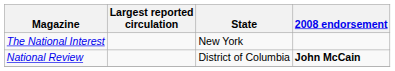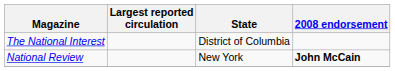 <table class="wikitable sortable">
 <tr valign=bottom>
 <th>Magazine</th>
 <th>Largest reported<br>circulation</th>
 <th>State</th>
 <th><a href='#'>2008 endorsement</a></th>
 </tr>
 <tr>
 <td><em><a href='#'>The National Interest</a></em></td>
 <td></td>
-<td>New York</td>
+<td>District of Columbia</td>
 <td></td>
 </tr>
 <tr>
 <td><em><a href='#'>National Review</a></em></td>
 <td></td>
-<td>District of Columbia</td>
+<td>New York</td>
 <td><strong>John McCain</strong></td>
 </tr>
 <tr>
 </tr>
 </table>
